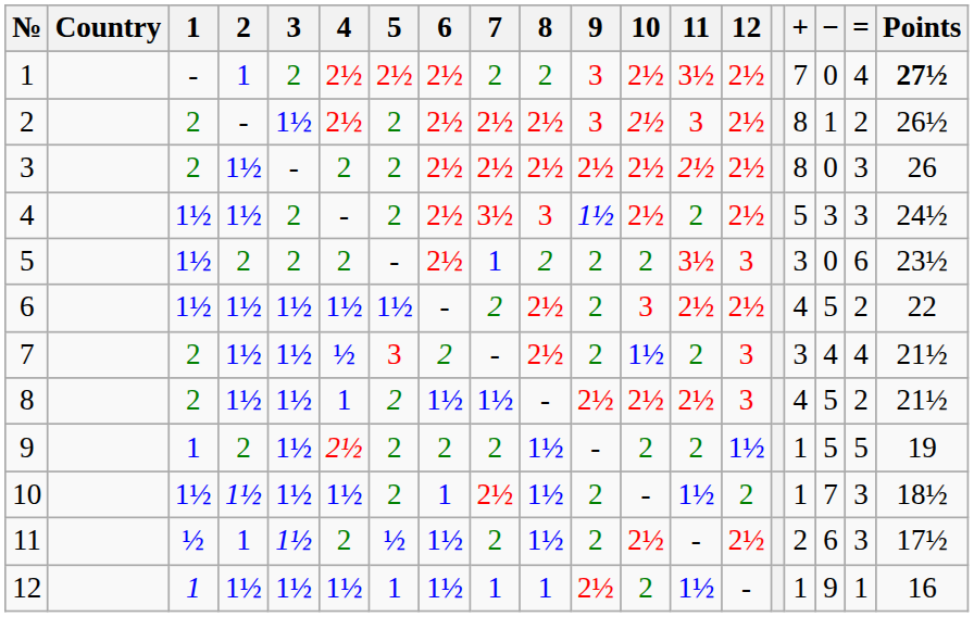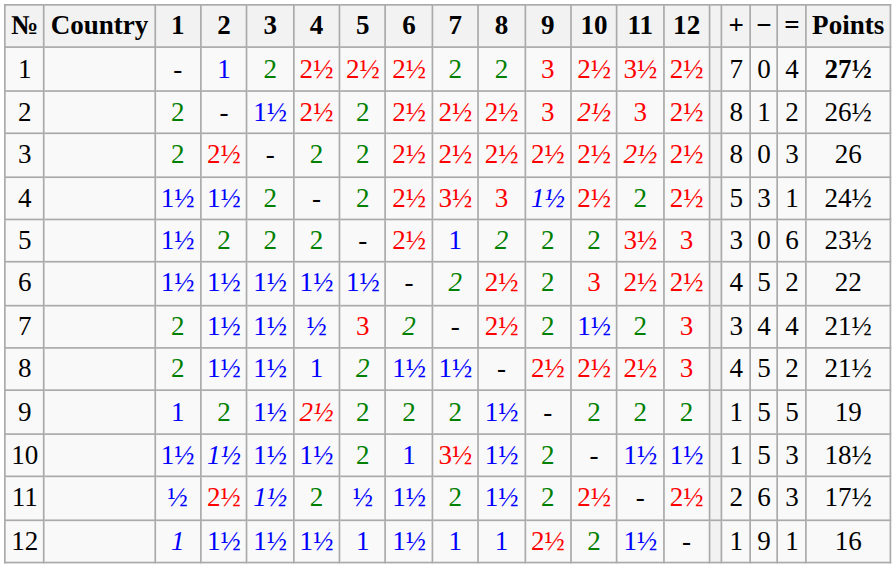 <table class="wikitable" style="text-align:center">
 <tr>
 <th>№</th>
 <th>Country</th>
 <th>1</th>
 <th>2</th>
 <th>3</th>
 <th>4</th>
 <th>5</th>
 <th>6</th>
 <th>7</th>
 <th>8</th>
 <th>9</th>
 <th>10</th>
 <th>11</th>
 <th>12</th>
 <th></th>
 <th>+</th>
 <th>−</th>
 <th>=</th>
 <th>Points</th>
 </tr>
 <tr>
 <td>1</td>
 <td style="text-align: left"></td>
 <td>-</td>
 <td style="color:blue;">1</td>
 <td style="color:green;">2</td>
 <td style="color:red;">2½</td>
 <td style="color:red;">2½</td>
 <td style="color:red;">2½</td>
 <td style="color:green;">2</td>
 <td style="color:green;">2</td>
 <td style="color:red;">3</td>
 <td style="color:red;">2½</td>
 <td style="color:red;">3½</td>
 <td style="color:red;">2½</td>
 <th></th>
 <td>7</td>
 <td>0</td>
 <td>4</td>
 <td><strong>27½</strong></td>
 </tr>
 <tr>
 <td>2</td>
 <td style="text-align: left"></td>
 <td style="color:green;">2</td>
 <td>-</td>
 <td style="color:blue;">1½</td>
 <td style="color:red;">2½</td>
 <td style="color:green;">2</td>
 <td style="color:red;">2½</td>
 <td style="color:red;">2½</td>
 <td style="color:red;">2½</td>
 <td style="color:red;">3</td>
 <td style="color:red;"><em>2½</em></td>
 <td style="color:red;">3</td>
 <td style="color:red;">2½</td>
 <th></th>
 <td>8</td>
 <td>1</td>
 <td>2</td>
 <td>26½</td>
 </tr>
 <tr>
 <td>3</td>
 <td style="text-align: left"></td>
 <td style="color:green;">2</td>
-<td style="color:blue;">1½</td>
+<td style="color:red;">2½</td>
 <td>-</td>
 <td style="color:green;">2</td>
 <td style="color:green;">2</td>
 <td style="color:red;">2½</td>
 <td style="color:red;">2½</td>
 <td style="color:red;">2½</td>
 <td style="color:red;">2½</td>
 <td style="color:red;">2½</td>
 <td style="color:red;"><em>2½</em></td>
 <td style="color:red;">2½</td>
 <th></th>
 <td>8</td>
 <td>0</td>
 <td>3</td>
 <td>26</td>
 </tr>
 <tr>
 <td>4</td>
 <td style="text-align: left"></td>
 <td style="color:blue;">1½</td>
 <td style="color:blue;">1½</td>
 <td style="color:green;">2</td>
 <td>-</td>
 <td style="color:green;">2</td>
 <td style="color:red;">2½</td>
 <td style="color:red;">3½</td>
 <td style="color:red;">3</td>
 <td style="color:blue;"><em>1½</em></td>
 <td style="color:red;">2½</td>
 <td style="color:green;">2</td>
 <td style="color:red;">2½</td>
 <th></th>
 <td>5</td>
 <td>3</td>
-<td>3</td>
+<td>1</td>
 <td>24½</td>
 </tr>
 <tr>
 <td>5</td>
 <td style="text-align: left"></td>
 <td style="color:blue;">1½</td>
 <td style="color:green;">2</td>
 <td style="color:green;">2</td>
 <td style="color:green;">2</td>
 <td>-</td>
 <td style="color:red;">2½</td>
 <td style="color:blue;">1</td>
 <td style="color:green;"><em>2</em></td>
 <td style="color:green;">2</td>
 <td style="color:green;">2</td>
 <td style="color:red;">3½</td>
 <td style="color:red;">3</td>
 <th></th>
 <td>3</td>
 <td>0</td>
 <td>6</td>
 <td>23½</td>
 </tr>
 <tr>
 <td>6</td>
 <td style="text-align: left"></td>
 <td style="color:blue;">1½</td>
 <td style="color:blue;">1½</td>
 <td style="color:blue;">1½</td>
 <td style="color:blue;">1½</td>
 <td style="color:blue;">1½</td>
 <td>-</td>
 <td style="color:green;"><em>2</em></td>
 <td style="color:red;">2½</td>
 <td style="color:green;">2</td>
 <td style="color:red;">3</td>
 <td style="color:red;">2½</td>
 <td style="color:red;">2½</td>
 <th></th>
 <td>4</td>
 <td>5</td>
 <td>2</td>
 <td>22</td>
 </tr>
 <tr>
 <td>7</td>
 <td style="text-align: left"></td>
 <td style="color:green;">2</td>
 <td style="color:blue;">1½</td>
 <td style="color:blue;">1½</td>
 <td style="color:blue;">½</td>
 <td style="color:red;">3</td>
 <td style="color:green;"><em>2</em></td>
 <td>-</td>
 <td style="color:red;">2½</td>
 <td style="color:green;">2</td>
 <td style="color:blue;">1½</td>
 <td style="color:green;">2</td>
 <td style="color:red;">3</td>
 <th></th>
 <td>3</td>
 <td>4</td>
 <td>4</td>
 <td>21½</td>
 </tr>
 <tr>
 <td>8</td>
 <td style="text-align: left"></td>
 <td style="color:green;">2</td>
 <td style="color:blue;">1½</td>
 <td style="color:blue;">1½</td>
 <td style="color:blue;">1</td>
 <td style="color:green;"><em>2</em></td>
 <td style="color:blue;">1½</td>
 <td style="color:blue;">1½</td>
 <td>-</td>
 <td style="color:red;">2½</td>
 <td style="color:red;">2½</td>
 <td style="color:red;">2½</td>
 <td style="color:red;">3</td>
 <th></th>
 <td>4</td>
 <td>5</td>
 <td>2</td>
 <td>21½</td>
 </tr>
 <tr>
 <td>9</td>
 <td style="text-align: left"></td>
 <td style="color:blue;">1</td>
 <td style="color:green;">2</td>
 <td style="color:blue;">1½</td>
 <td style="color:red;"><em>2½</em></td>
 <td style="color:green;">2</td>
 <td style="color:green;">2</td>
 <td style="color:green;">2</td>
 <td style="color:blue;">1½</td>
 <td>-</td>
 <td style="color:green;">2</td>
 <td style="color:green;">2</td>
-<td style="color:blue;">1½</td>
+<td style="color:green;">2</td>
 <th></th>
 <td>1</td>
 <td>5</td>
 <td>5</td>
 <td>19</td>
 </tr>
 <tr>
 <td>10</td>
 <td style="text-align: left"></td>
 <td style="color:blue;">1½</td>
 <td style="color:blue;"><em>1½</em></td>
 <td style="color:blue;">1½</td>
 <td style="color:blue;">1½</td>
 <td style="color:green;">2</td>
 <td style="color:blue;">1</td>
-<td style="color:red;">2½</td>
+<td style="color:red;">3½</td>
 <td style="color:blue;">1½</td>
 <td style="color:green;">2</td>
 <td>-</td>
 <td style="color:blue;">1½</td>
-<td style="color:green;">2</td>
+<td style="color:blue;">1½</td>
 <th></th>
 <td>1</td>
-<td>7</td>
+<td>5</td>
 <td>3</td>
 <td>18½</td>
 </tr>
 <tr>
 <td>11</td>
 <td style="text-align: left"></td>
 <td style="color:blue;">½</td>
-<td style="color:blue;">1</td>
+<td style="color:red;">2½</td>
 <td style="color:blue;"><em>1½</em></td>
 <td style="color:green;">2</td>
 <td style="color:blue;">½</td>
 <td style="color:blue;">1½</td>
 <td style="color:green;">2</td>
 <td style="color:blue;">1½</td>
 <td style="color:green;">2</td>
 <td style="color:red;">2½</td>
 <td>-</td>
 <td style="color:red;">2½</td>
 <th></th>
 <td>2</td>
 <td>6</td>
 <td>3</td>
 <td>17½</td>
 </tr>
 <tr>
 <td>12</td>
 <td style="text-align: left"></td>
 <td style="color:blue;"><em>1</em></td>
 <td style="color:blue;">1½</td>
 <td style="color:blue;">1½</td>
 <td style="color:blue;">1½</td>
 <td style="color:blue;">1</td>
 <td style="color:blue;">1½</td>
 <td style="color:blue;">1</td>
 <td style="color:blue;">1</td>
 <td style="color:red;">2½</td>
 <td style="color:green;">2</td>
 <td style="color:blue;">1½</td>
 <td>-</td>
 <th></th>
 <td>1</td>
 <td>9</td>
 <td>1</td>
 <td>16</td>
 </tr>
 </table>
